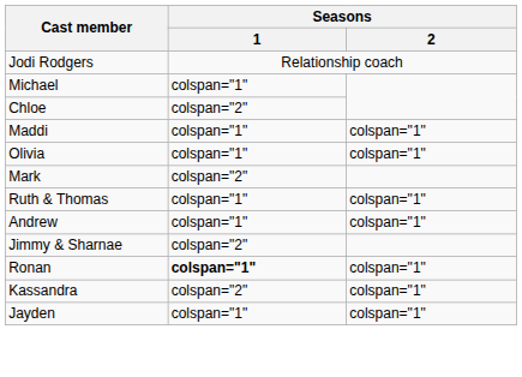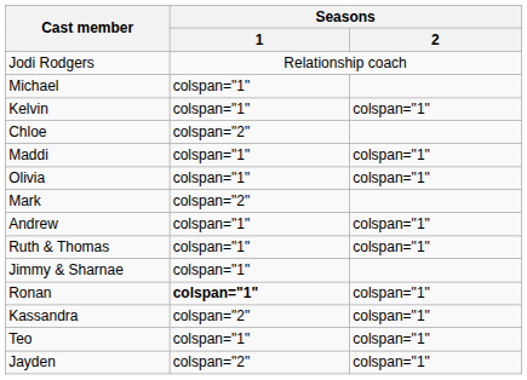 <table class="wikitable plainrowheaders" style="width:45%;">
 <tr>
 <th rowspan="2" style="width:5%;">Cast member</th>
 <th colspan="2">Seasons</th>
 </tr>
 <tr>
 <th style="width:5%;">1</th>
 <th style="width:5%;">2</th>
 </tr>
 <tr>
 <td>Jodi Rodgers</td>
 <td colspan="2" style="text-align:center;">Relationship coach</td>
 </tr>
 <tr>
 <td>Michael</td>
+<td>colspan="1" </td>
+</tr>
+<tr>
+<td>Kelvin</td>
+<td>colspan="1" </td>
 <td>colspan="1" </td>
 </tr>
 <tr>
 <td>Chloe</td>
 <td>colspan="2" </td>
 </tr>
 <tr>
 <td>Maddi</td>
 <td>colspan="1" </td>
 <td>colspan="1" </td>
 </tr>
 <tr>
 <td>Olivia</td>
 <td>colspan="1" </td>
 <td>colspan="1" </td>
 </tr>
 <tr>
 <td>Mark</td>
 <td>colspan="2" </td>
 </tr>
 <tr>
+<td>Andrew</td>
+<td>colspan="1" </td>
+<td>colspan="1" </td>
+</tr>
+<tr>
 <td>Ruth & Thomas</td>
 <td>colspan="1" </td>
 <td>colspan="1" </td>
 </tr>
 <tr>
-<td>Andrew</td>
+<td>Jimmy & Sharnae</td>
 <td>colspan="1" </td>
-<td>colspan="1" </td>
-</tr>
-<tr>
-<td>Jimmy & Sharnae</td>
-<td>colspan="2" </td>
 </tr>
 <tr>
 <td>Ronan</td>
 <td><strong>colspan="1" </strong></td>
 <td>colspan="1" </td>
 </tr>
 <tr>
 <td>Kassandra</td>
 <td>colspan="2" </td>
 <td>colspan="1" </td>
 </tr>
 <tr>
-<td>Jayden</td>
+<td>Teo</td>
 <td>colspan="1" </td>
 <td>colspan="1" </td>
 </tr>
+<tr>
+<td>Jayden</td>
+<td>colspan="2" </td>
+<td>colspan="1" </td>
+</tr>
 </table>
